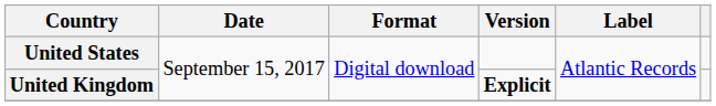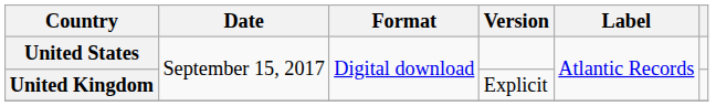 <table class="wikitable sortable plainrowheaders">
 <tr>
 <th scope="col">Country</th>
 <th scope="col">Date</th>
 <th scope="col">Format</th>
 <th scope="col">Version</th>
 <th scope="col">Label</th>
 <th scope="col"></th>
 </tr>
 <tr>
 <th scope="row">United States</th>
 <td rowspan="2">September 15, 2017</td>
 <td rowspan="2"><a href='#'>Digital download</a></td>
 <td></td>
 <td rowspan="2"><a href='#'>Atlantic Records</a></td>
 <td></td>
 </tr>
 <tr>
 <th scope="row">United Kingdom</th>
-<td><strong>Explicit</strong></td>
+<td>Explicit</td>
 <td></td>
 </tr>
 <tr>
 </tr>
 </table>
